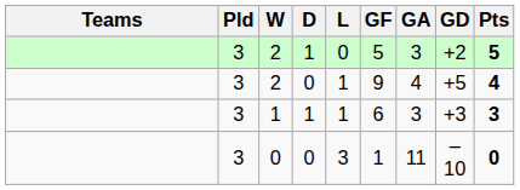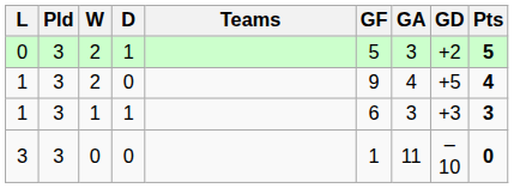 <table class="wikitable" style="text-align: center;">
 <tr>
-<th width=165>Teams</th>
+<th width=20>L</th>
 <th width=20>Pld</th>
 <th width=20>W</th>
 <th width=20>D</th>
-<th width=20>L</th>
+<th width=165>Teams</th>
 <th width=20>GF</th>
 <th width=20>GA</th>
 <th width=20>GD</th>
 <th width=20>Pts</th>
 </tr>
 <tr align=center style="background:#ccffcc;">
-<td style="text-align:left;"></td>
+<td>0</td>
 <td>3</td>
 <td>2</td>
 <td>1</td>
-<td>0</td>
+<td style="text-align:left;"></td>
 <td>5</td>
 <td>3</td>
 <td>+2</td>
 <td><strong>5</strong></td>
 </tr>
 <tr align=center>
-<td style="text-align:left;"></td>
+<td>1</td>
 <td>3</td>
 <td>2</td>
 <td>0</td>
-<td>1</td>
+<td style="text-align:left;"></td>
 <td>9</td>
 <td>4</td>
 <td>+5</td>
 <td><strong>4</strong></td>
 </tr>
 <tr align=center>
-<td style="text-align:left;"></td>
+<td>1</td>
 <td>3</td>
 <td>1</td>
 <td>1</td>
-<td>1</td>
+<td style="text-align:left;"></td>
 <td>6</td>
 <td>3</td>
 <td>+3</td>
 <td><strong>3</strong></td>
 </tr>
 <tr align=center>
-<td style="text-align:left;"></td>
+<td>3</td>
 <td>3</td>
 <td>0</td>
 <td>0</td>
-<td>3</td>
+<td style="text-align:left;"></td>
 <td>1</td>
 <td>11</td>
 <td>–10</td>
 <td><strong>0</strong></td>
 </tr>
 </table>
